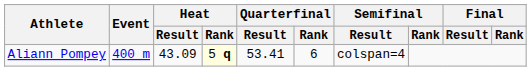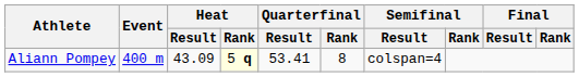 <table class="wikitable" style="font-size:90%">
 <tr>
 <th rowspan="2">Athlete</th>
 <th rowspan="2">Event</th>
 <th colspan="2">Heat</th>
 <th colspan="2">Quarterfinal</th>
 <th colspan="2">Semifinal</th>
 <th colspan="2">Final</th>
 </tr>
 <tr style="font-size:95%">
 <th>Result</th>
 <th>Rank</th>
 <th>Result</th>
 <th>Rank</th>
 <th>Result</th>
 <th>Rank</th>
 <th>Result</th>
 <th>Rank</th>
 </tr>
 <tr align=center>
 <td align=left><a href='#'>Aliann Pompey</a></td>
 <td align=left><a href='#'>400 m</a></td>
 <td>43.09</td>
 <td style="background: lightyellow;">5 <strong>q</strong></td>
 <td>53.41</td>
-<td>6</td>
+<td>8</td>
 <td>colspan=4 </td>
 </tr>
 </table>
